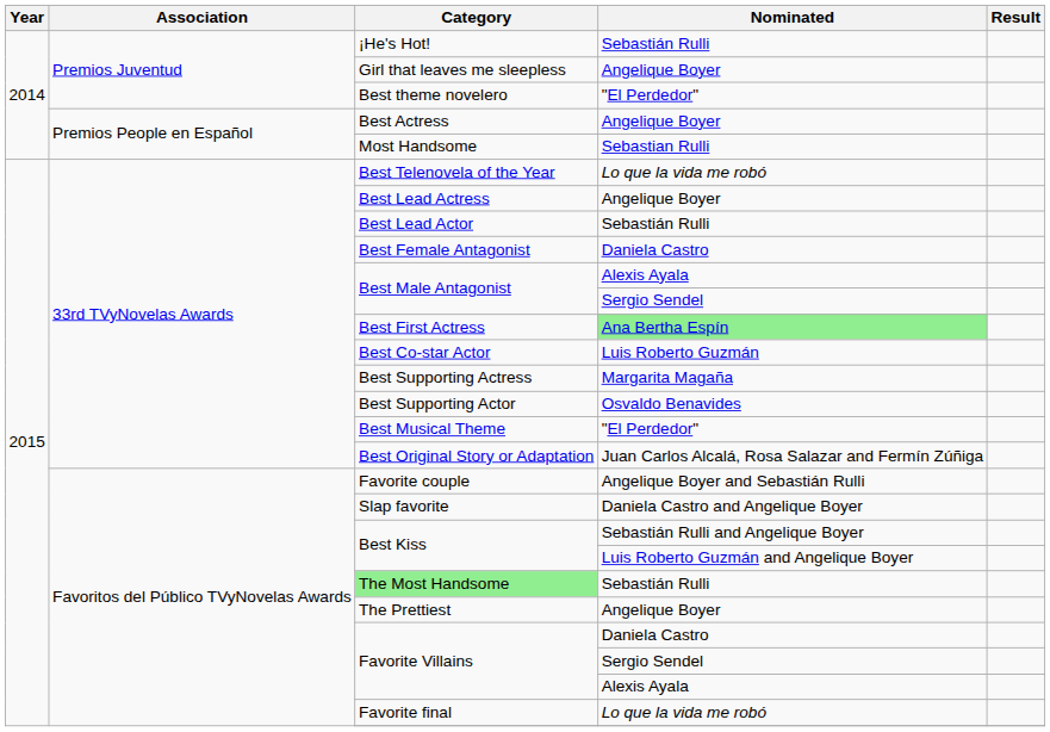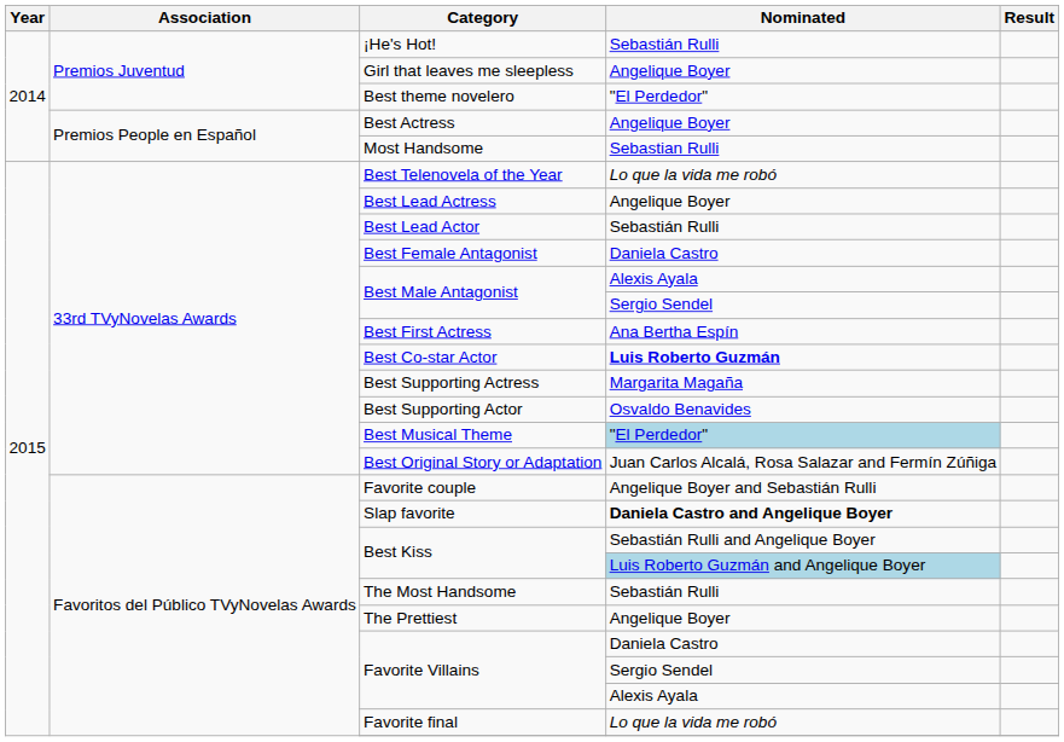 <table class="wikitable sortable">
 <tr>
 <th>Year</th>
 <th>Association</th>
 <th>Category</th>
 <th>Nominated</th>
 <th>Result</th>
 </tr>
 <tr>
 <td rowspan=5>2014</td>
 <td rowspan=3><a href='#'>Premios Juventud</a></td>
 <td>¡He's Hot!</td>
 <td><a href='#'>Sebastián Rulli</a></td>
 <td></td>
 </tr>
 <tr>
 <td>Girl that leaves me sleepless</td>
 <td><a href='#'>Angelique Boyer</a></td>
 <td></td>
 </tr>
 <tr>
 <td>Best theme novelero</td>
 <td>"<a href='#'>El Perdedor</a>"</td>
 <td></td>
 </tr>
 <tr>
 <td rowspan=2>Premios People en Español</td>
 <td>Best Actress</td>
 <td><a href='#'>Angelique Boyer</a></td>
 <td></td>
 </tr>
 <tr>
 <td>Most Handsome</td>
 <td><a href='#'>Sebastian Rulli</a></td>
 <td></td>
 </tr>
 <tr>
 <td rowspan=26>2015</td>
 <td rowspan=12><a href='#'>33rd TVyNovelas Awards</a></td>
 <td><a href='#'>Best Telenovela of the Year</a></td>
 <td><em>Lo que la vida me robó</em></td>
 <td></td>
 </tr>
 <tr>
 <td><a href='#'>Best Lead Actress</a></td>
 <td>Angelique Boyer</td>
 <td></td>
 </tr>
 <tr>
 <td><a href='#'>Best Lead Actor</a></td>
 <td>Sebastián Rulli</td>
 <td></td>
 </tr>
 <tr>
 <td><a href='#'>Best Female Antagonist</a></td>
 <td><a href='#'>Daniela Castro</a></td>
 <td></td>
 </tr>
 <tr>
 <td rowspan=2><a href='#'>Best Male Antagonist</a></td>
 <td><a href='#'>Alexis Ayala</a></td>
 <td></td>
 </tr>
 <tr>
 <td><a href='#'>Sergio Sendel</a></td>
 <td></td>
 </tr>
 <tr>
 <td><a href='#'>Best First Actress</a></td>
-<td style="background: lightgreen;"><a href='#'>Ana Bertha Espín</a></td>
+<td><a href='#'>Ana Bertha Espín</a></td>
 <td></td>
 </tr>
 <tr>
 <td><a href='#'>Best Co-star Actor</a></td>
-<td><a href='#'>Luis Roberto Guzmán</a></td>
+<td><strong><a href='#'>Luis Roberto Guzmán</a></strong></td>
 <td></td>
 </tr>
 <tr>
 <td>Best Supporting Actress</td>
 <td><a href='#'>Margarita Magaña</a></td>
 <td></td>
 </tr>
 <tr>
 <td>Best Supporting Actor</td>
 <td><a href='#'>Osvaldo Benavides</a></td>
 <td></td>
 </tr>
 <tr>
 <td><a href='#'>Best Musical Theme</a></td>
-<td>"<a href='#'>El Perdedor</a>"</td>
+<td style="background: lightblue;">"<a href='#'>El Perdedor</a>"</td>
 <td></td>
 </tr>
 <tr>
 <td><a href='#'>Best Original Story or Adaptation</a></td>
 <td>Juan Carlos Alcalá, Rosa Salazar and Fermín Zúñiga</td>
 <td></td>
 </tr>
 <tr>
 <td rowspan=11>Favoritos del Público TVyNovelas Awards</td>
 <td>Favorite couple</td>
 <td>Angelique Boyer and Sebastián Rulli</td>
 <td></td>
 </tr>
 <tr>
 <td>Slap favorite</td>
-<td>Daniela Castro and Angelique Boyer</td>
+<td><strong>Daniela Castro and Angelique Boyer</strong></td>
 <td></td>
 </tr>
 <tr>
 <td rowspan=2>Best Kiss</td>
 <td>Sebastián Rulli and Angelique Boyer</td>
 <td></td>
 </tr>
 <tr>
-<td><a href='#'>Luis Roberto Guzmán</a> and Angelique Boyer</td>
+<td style="background: lightblue;"><a href='#'>Luis Roberto Guzmán</a> and Angelique Boyer</td>
 <td></td>
 </tr>
 <tr>
-<td style="background: lightgreen;">The Most Handsome</td>
+<td>The Most Handsome</td>
 <td>Sebastián Rulli</td>
 <td></td>
 </tr>
 <tr>
 <td>The Prettiest</td>
 <td>Angelique Boyer</td>
 <td></td>
 </tr>
 <tr>
 <td rowspan=3>Favorite Villains</td>
 <td>Daniela Castro</td>
 <td></td>
 </tr>
 <tr>
 <td>Sergio Sendel</td>
 <td></td>
 </tr>
 <tr>
 <td>Alexis Ayala</td>
 <td></td>
 </tr>
 <tr>
 <td>Favorite final</td>
 <td><em>Lo que la vida me robó</em></td>
 <td></td>
 </tr>
 <tr>
 </tr>
 </table>
